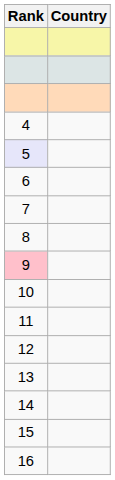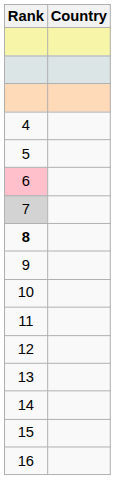 <table class="wikitable">
 <tr>
 <th>Rank</th>
 <th>Country</th>
 </tr>
 <tr bgcolor="#F7F6A8">
 <td align="center" style="height:23px"></td>
 <td></td>
 </tr>
 <tr bgcolor="#DCE5E5">
 <td align="center" style="height:23px"></td>
 <td></td>
 </tr>
 <tr bgcolor="#FFDAB9">
 <td align="center" style="height:23px"></td>
 <td></td>
 </tr>
 <tr>
 <td align="center" style="height:23px">4</td>
 <td></td>
 </tr>
 <tr>
-<td align="center" style="background: lavender; height:23px">5</td>
+<td align="center" style="height:23px">5</td>
 <td></td>
 </tr>
 <tr>
-<td align="center" style="height:23px">6</td>
+<td align="center" style="background: pink; height:23px">6</td>
 <td></td>
 </tr>
 <tr>
-<td align="center" style="height:23px">7</td>
+<td align="center" style="background: lightgrey; height:23px">7</td>
 <td></td>
 </tr>
 <tr>
-<td align="center" style="height:23px">8</td>
+<td align="center" style="height:23px"><strong>8</strong></td>
 <td></td>
 </tr>
 <tr>
-<td align="center" style="background: pink; height:23px">9</td>
+<td align="center" style="height:23px">9</td>
 <td></td>
 </tr>
 <tr>
 <td align="center" style="height:23px">10</td>
 <td></td>
 </tr>
 <tr>
 <td align="center" style="height:23px">11</td>
 <td></td>
 </tr>
 <tr>
 <td align="center" style="height:23px">12</td>
 <td></td>
 </tr>
 <tr>
 <td align="center" style="height:23px">13</td>
 <td></td>
 </tr>
 <tr>
 <td align="center" style="height:23px">14</td>
 <td></td>
 </tr>
 <tr>
 <td align="center" style="height:23px">15</td>
 <td></td>
 </tr>
 <tr>
 <td align="center" style="height:23px">16</td>
 <td></td>
 </tr>
 </table>
